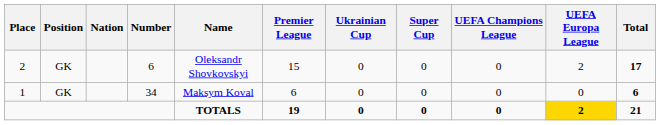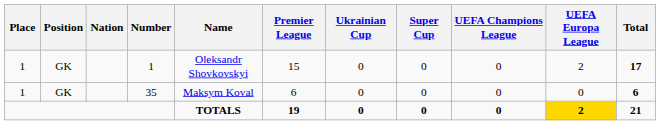 <table class="wikitable" style="font-size: 95%; text-align: center;">
 <tr>
 <th width=60>Place</th>
 <th width=60>Position</th>
 <th width=60>Nation</th>
 <th width=60>Number</th>
 <th width=200>Name</th>
 <th width=150><a href='#'>Premier League</a></th>
 <th width=150><a href='#'>Ukrainian Cup</a></th>
 <th width=150><a href='#'>Super Cup</a></th>
 <th width=250><a href='#'>UEFA Champions League</a></th>
 <th width=200><a href='#'>UEFA Europa League</a></th>
 <th width=80><strong>Total</strong></th>
 </tr>
 <tr>
-<td>2</td>
+<td>1</td>
 <td>GK</td>
 <td></td>
-<td>6</td>
+<td>1</td>
 <td><a href='#'>Oleksandr Shovkovskyi</a></td>
 <td>15</td>
 <td>0</td>
 <td>0</td>
 <td>0</td>
 <td>2</td>
 <td><strong>17</strong></td>
 </tr>
 <tr>
 <td>1</td>
 <td>GK</td>
 <td></td>
-<td>34</td>
+<td>35</td>
 <td><a href='#'>Maksym Koval</a></td>
 <td>6</td>
 <td>0</td>
 <td>0</td>
 <td>0</td>
 <td>0</td>
 <td><strong>6</strong></td>
 </tr>
 <tr>
 <td colspan="4"></td>
 <td><strong>TOTALS</strong></td>
 <td><strong>19</strong></td>
 <td><strong>0</strong></td>
 <td><strong>0</strong></td>
 <td><strong>0</strong></td>
 <td style="background: gold;"><strong>2</strong></td>
 <td><strong>21</strong></td>
 </tr>
 </table>
